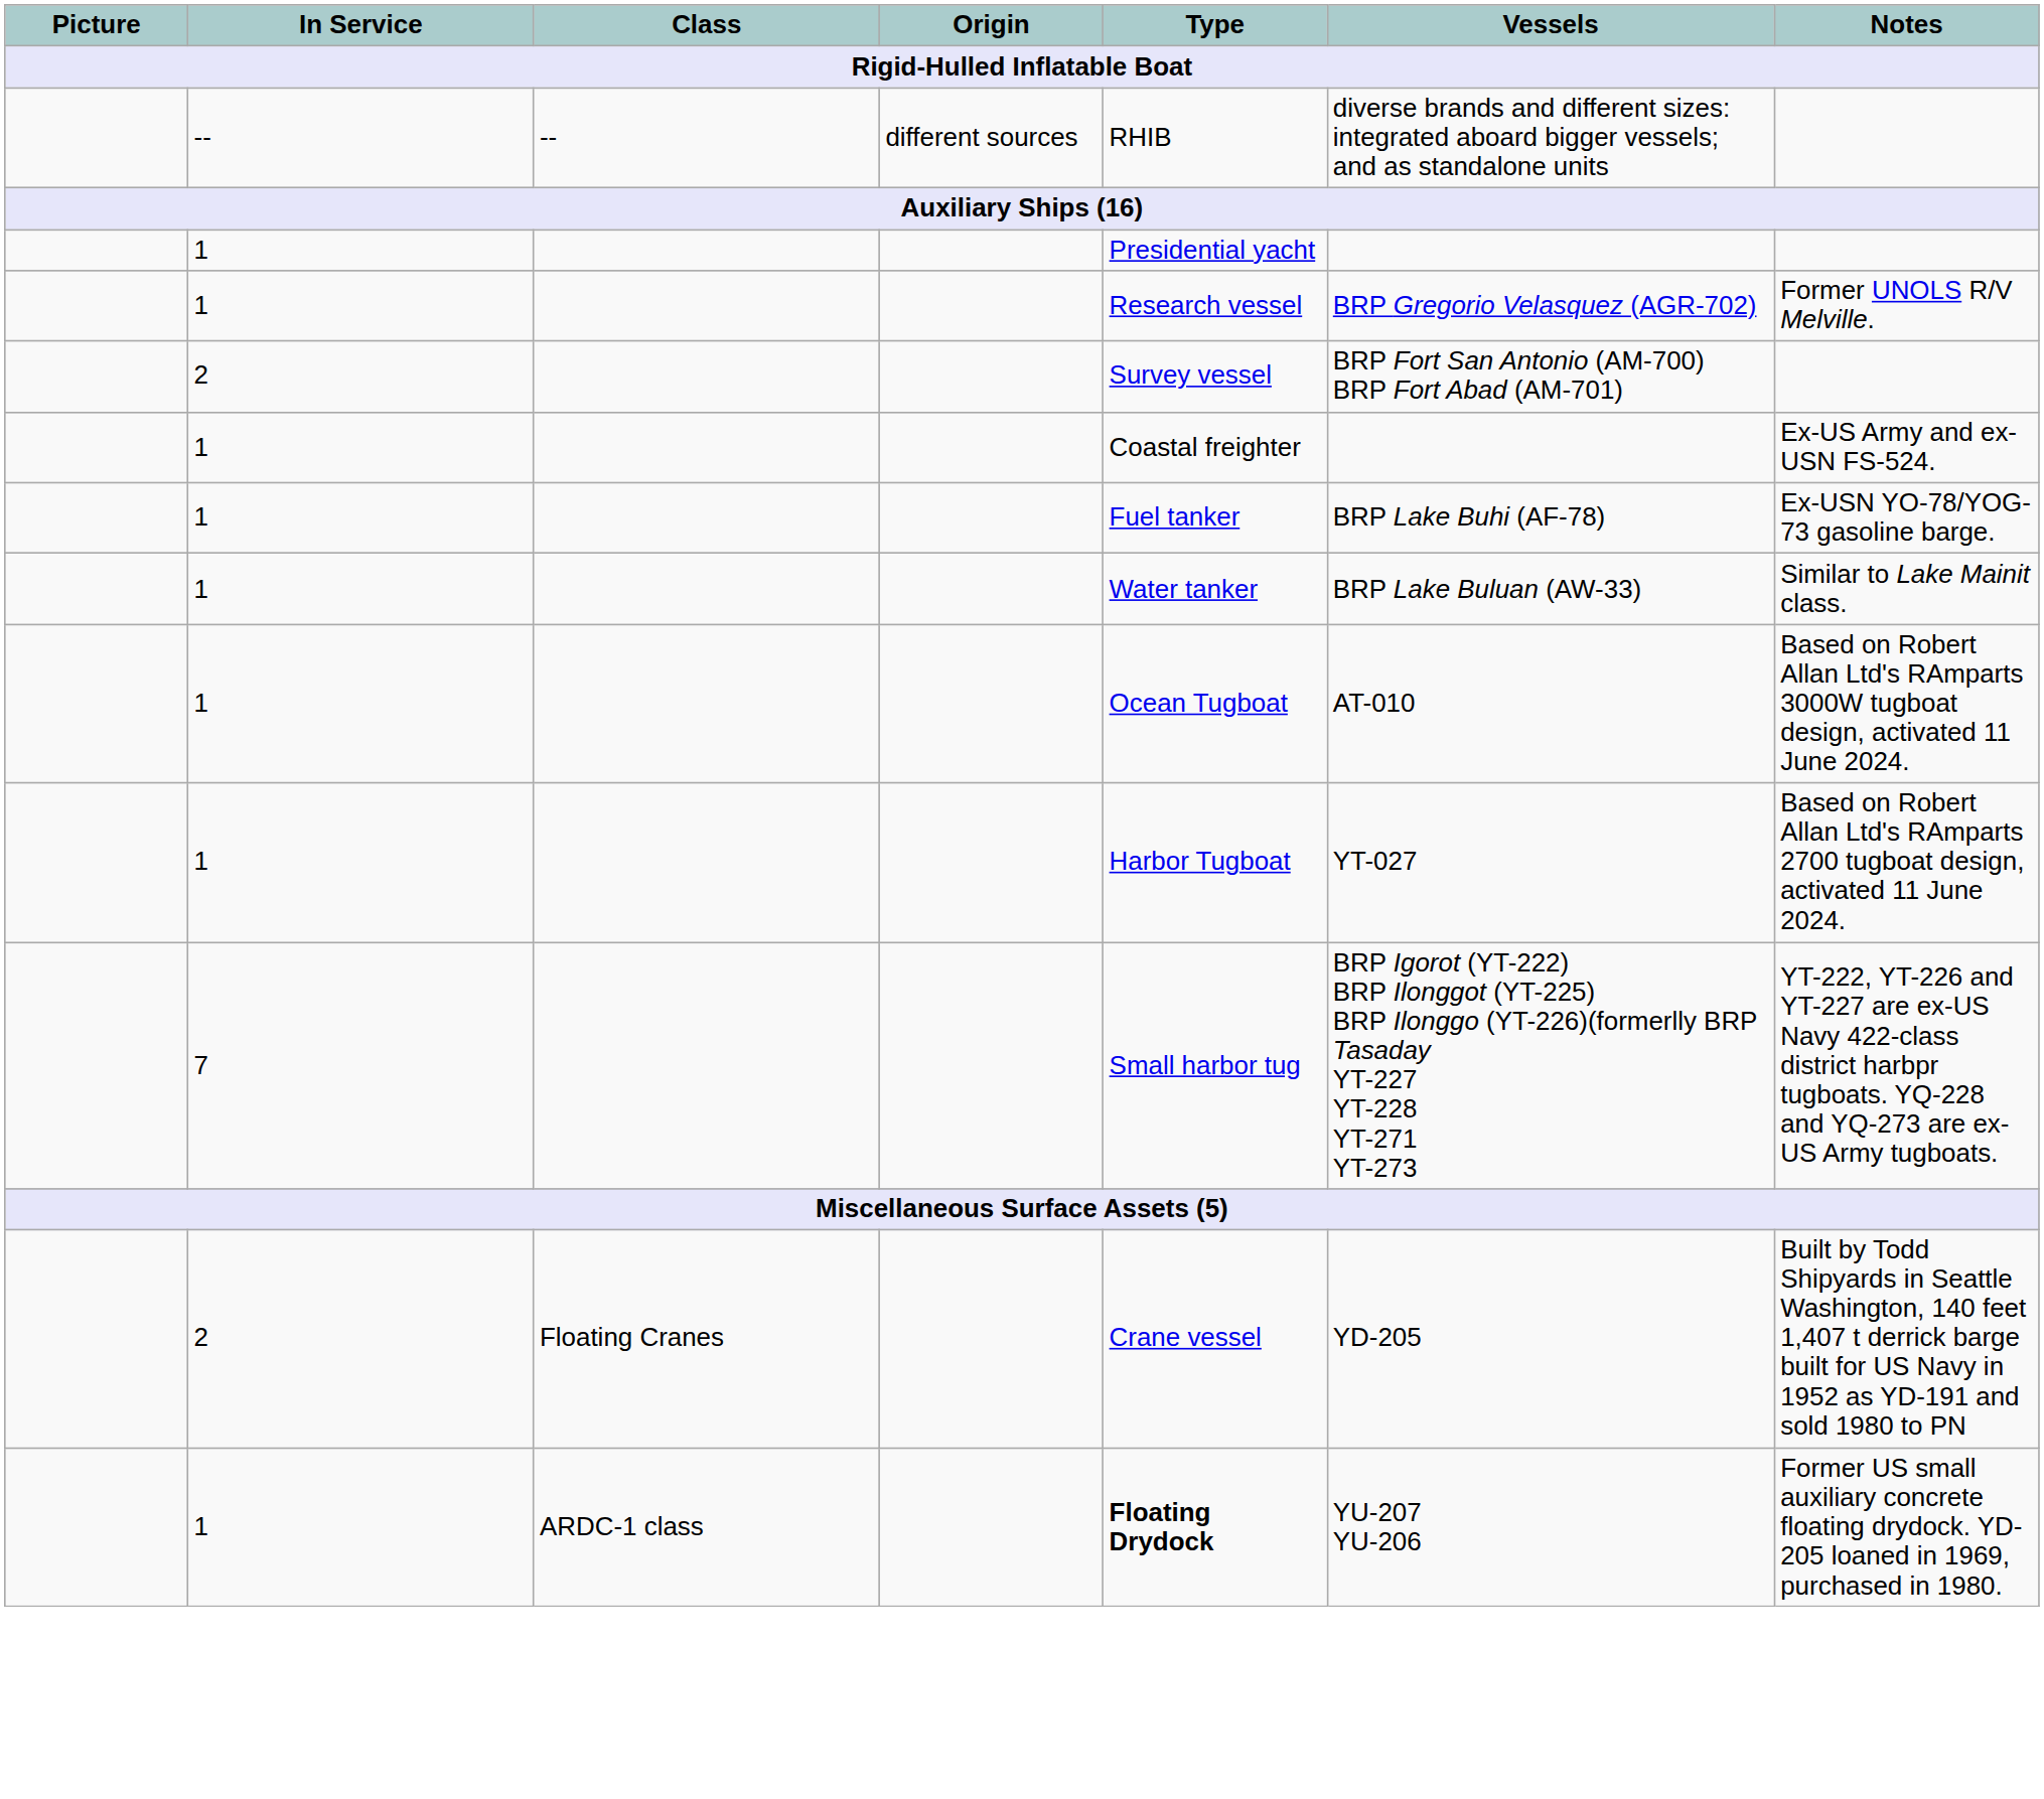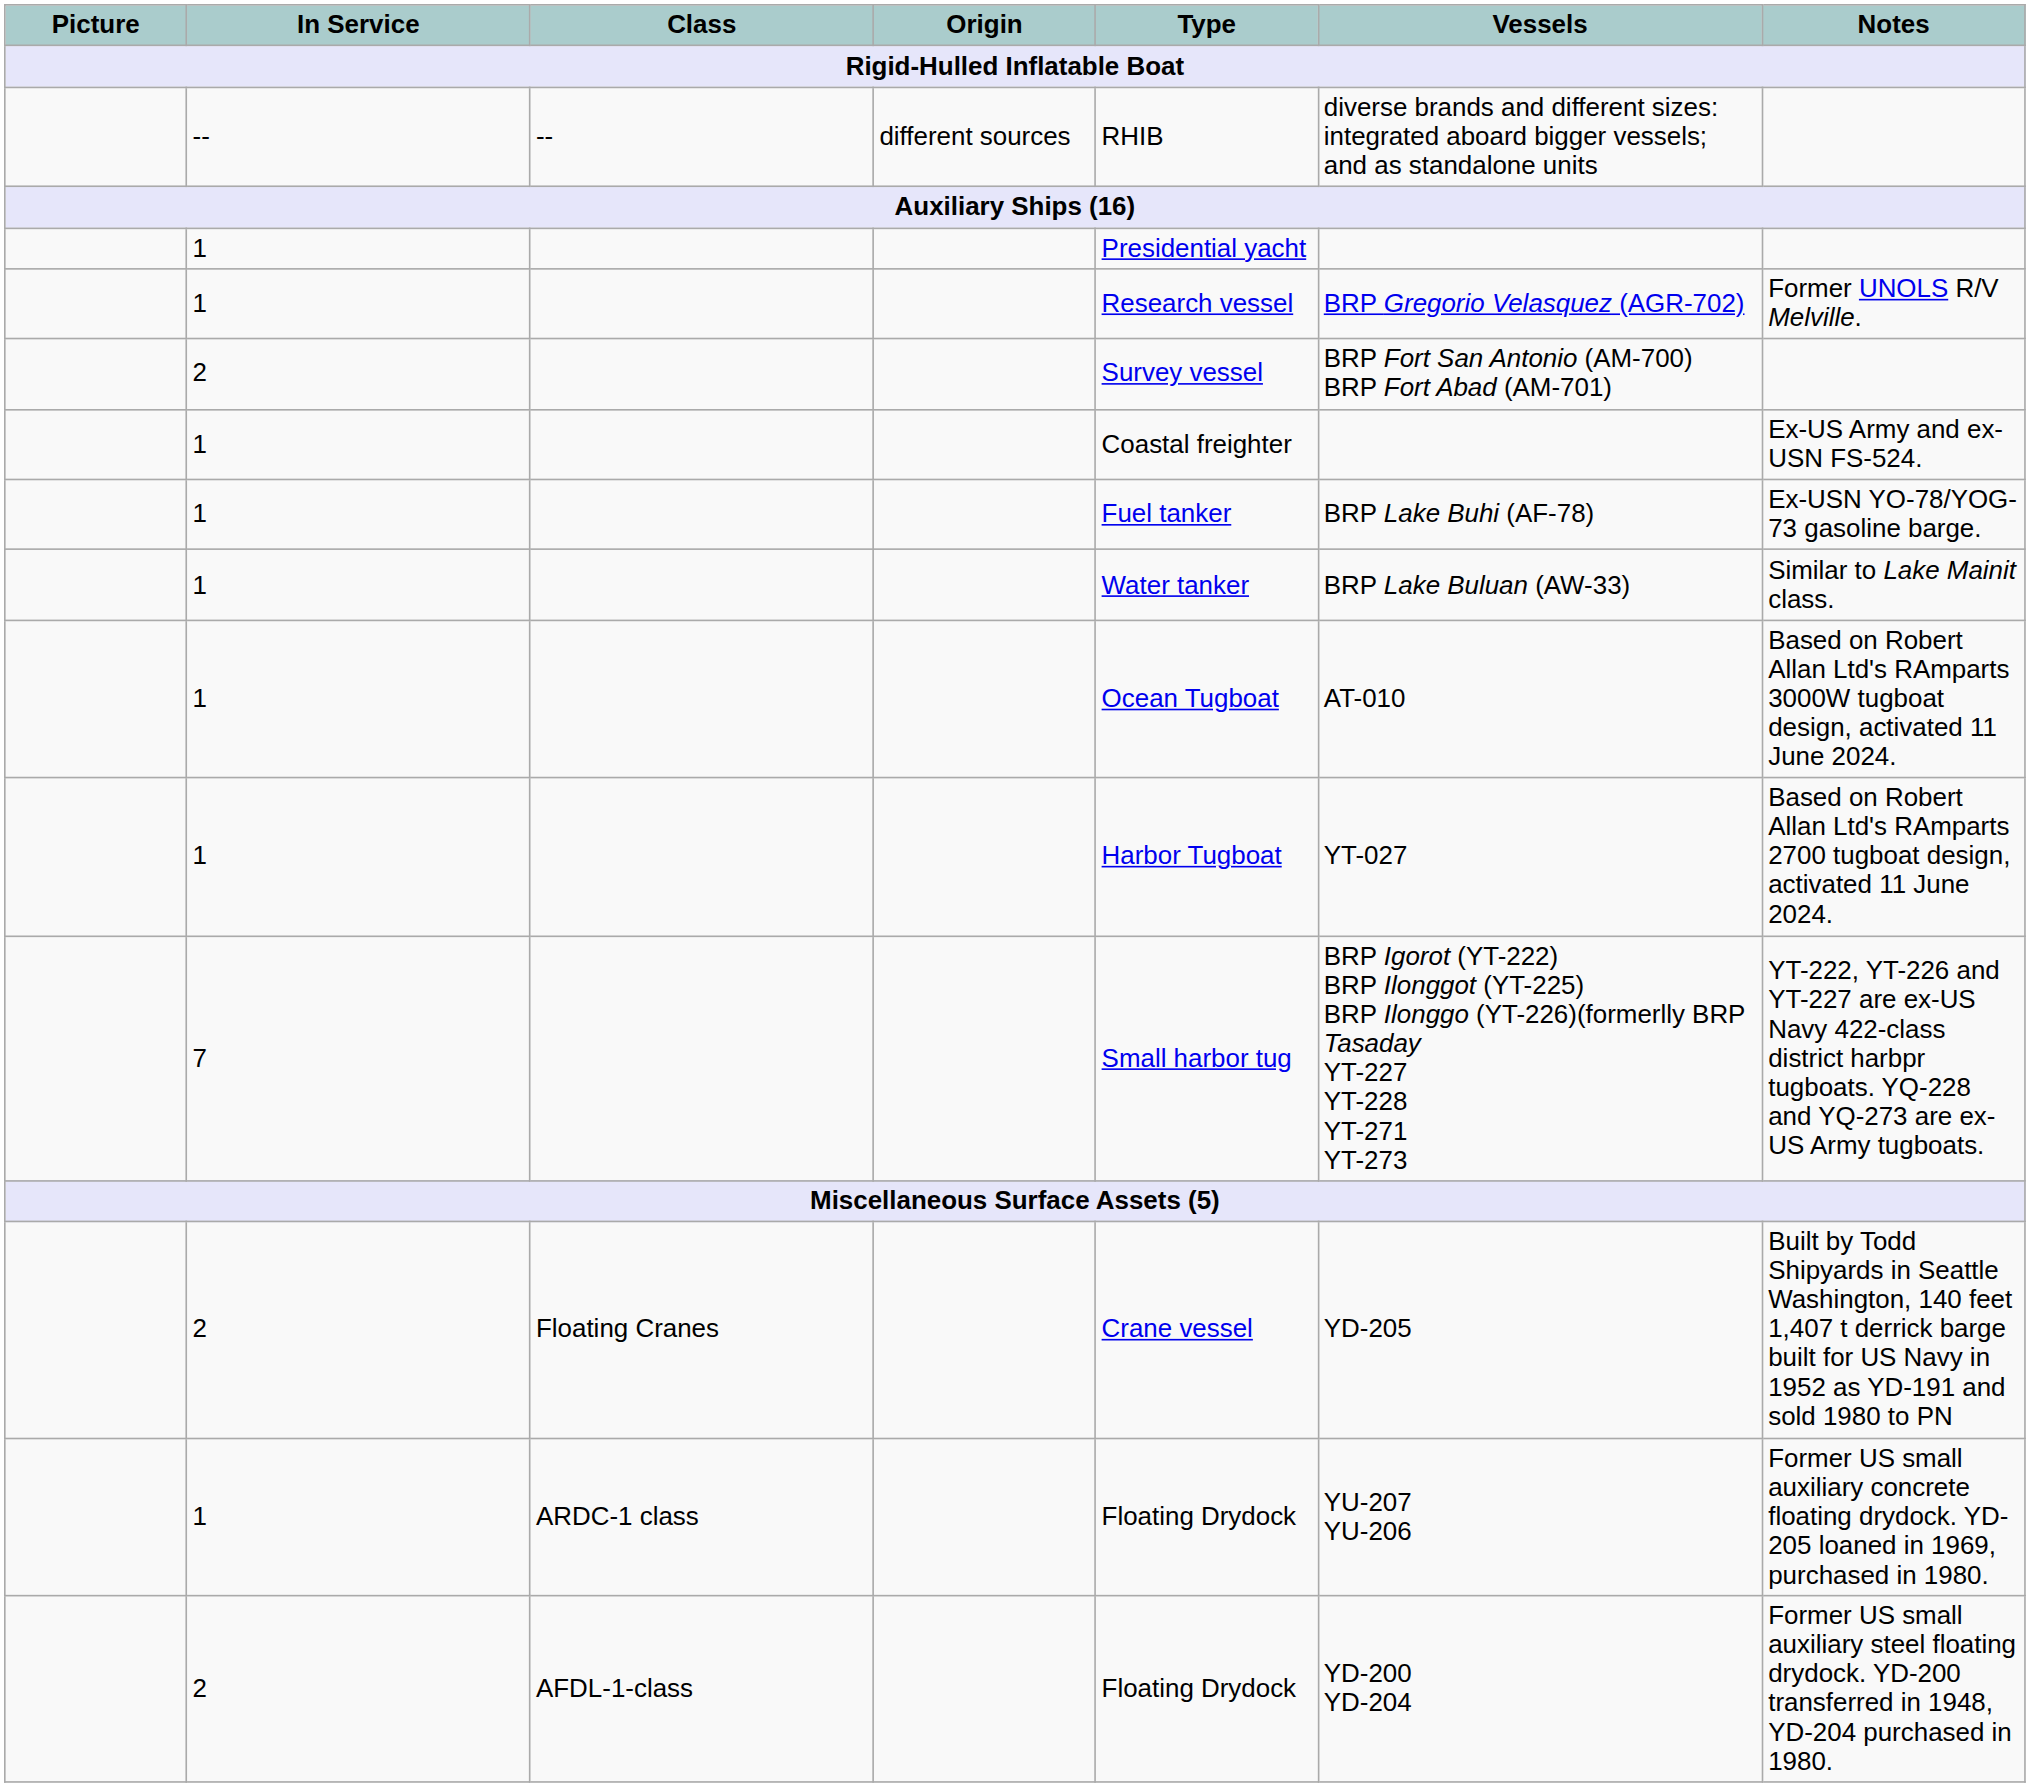 <table class="wikitable">
 <tr>
 <th style="text-align: center; background:#acc; width:9%;">Picture</th>
 <th style="text-align: center; background:#acc; width:17%;">In Service</th>
 <th style="text-align: center; background:#acc; width:17%;">Class</th>
 <th style="text-align: center; background:#acc; width:11%;">Origin</th>
 <th style="text-align: center; background:#acc; width:11%;">Type</th>
 <th style="text-align: center; background:#acc; width:22%;">Vessels</th>
 <th style="text-align: center; background:#acc; width:30%;">Notes</th>
 </tr>
 <tr>
 <th colspan="7" style="align: center; background: lavender;">Rigid-Hulled Inflatable Boat</th>
 </tr>
 <tr>
 <td></td>
 <td>--</td>
 <td>--</td>
 <td>different sources</td>
 <td>RHIB</td>
 <td>diverse brands and different sizes: integrated aboard bigger vessels; and as standalone units</td>
 <td></td>
 </tr>
 <tr>
 <th colspan="7" style="align: center; background: lavender;">Auxiliary Ships (16)</th>
 </tr>
 <tr>
 <td></td>
 <td>1</td>
 <td></td>
 <td></td>
 <td><a href='#'>Presidential yacht</a></td>
 <td></td>
 <td></td>
 </tr>
 <tr>
 <td></td>
 <td>1</td>
 <td></td>
 <td></td>
 <td><a href='#'>Research vessel</a></td>
 <td><a href='#'>BRP <em>Gregorio Velasquez</em> (AGR-702)</a></td>
 <td>Former <a href='#'>UNOLS</a> R/V <em>Melville</em>.</td>
 </tr>
 <tr>
 <td></td>
 <td>2</td>
 <td></td>
 <td></td>
 <td><a href='#'>Survey vessel</a></td>
 <td>BRP <em>Fort San Antonio</em> (AM-700)<br>BRP <em>Fort Abad</em> (AM-701)</td>
 <td></td>
 </tr>
 <tr>
 <td></td>
 <td>1</td>
 <td></td>
 <td></td>
 <td>Coastal freighter</td>
 <td></td>
 <td>Ex-US Army and ex-USN FS-524.</td>
 </tr>
 <tr>
 <td></td>
 <td>1</td>
 <td></td>
 <td></td>
 <td><a href='#'>Fuel tanker</a></td>
 <td>BRP <em>Lake Buhi</em> (AF-78)</td>
 <td>Ex-USN YO-78/YOG-73 gasoline barge.</td>
 </tr>
 <tr>
 <td></td>
 <td>1</td>
 <td></td>
 <td></td>
 <td><a href='#'>Water tanker</a></td>
 <td>BRP <em>Lake Buluan</em> (AW-33)</td>
 <td>Similar to <em>Lake Mainit</em> class.</td>
 </tr>
 <tr>
 <td></td>
 <td>1</td>
 <td></td>
 <td></td>
 <td><a href='#'>Ocean Tugboat</a></td>
 <td>AT-010</td>
 <td>Based on Robert Allan Ltd's RAmparts 3000W tugboat design, activated 11 June 2024.</td>
 </tr>
 <tr>
 <td></td>
 <td>1</td>
 <td></td>
 <td></td>
 <td><a href='#'>Harbor Tugboat</a></td>
 <td>YT-027</td>
 <td>Based on Robert Allan Ltd's RAmparts 2700 tugboat design, activated 11 June 2024.</td>
 </tr>
 <tr>
 <td></td>
 <td>7</td>
 <td></td>
 <td></td>
 <td><a href='#'>Small harbor tug</a></td>
 <td>BRP <em>Igorot</em> (YT-222)<br>BRP <em>Ilonggot</em> (YT-225)<br>BRP <em>Ilonggo</em> (YT-226)(formerlly BRP <em>Tasaday</em><br>YT-227<br>YT-228<br>YT-271<br>YT-273 <br></td>
 <td>YT-222, YT-226 and YT-227 are ex-US Navy 422-class district harbpr tugboats. YQ-228 and YQ-273 are ex-US Army tugboats.</td>
 </tr>
 <tr>
 <th colspan="7" style="align: center; background: lavender;">Miscellaneous Surface Assets (5)</th>
 </tr>
 <tr>
 <td></td>
 <td>2</td>
 <td>Floating Cranes</td>
 <td></td>
 <td><a href='#'>Crane vessel</a></td>
 <td>YD-205</td>
 <td>Built by Todd Shipyards in Seattle Washington, 140 feet 1,407 t derrick barge built for US Navy in 1952 as YD-191 and sold 1980 to PN</td>
 </tr>
 <tr>
 <td></td>
 <td>1</td>
 <td>ARDC-1 class</td>
 <td></td>
-<td><strong>Floating Drydock</strong></td>
+<td>Floating Drydock</td>
 <td>YU-207<br>YU-206</td>
 <td>Former US small auxiliary concrete floating drydock. YD-205 loaned in 1969, purchased in 1980.</td>
 </tr>
+<tr>
+<td></td>
+<td>2</td>
+<td>AFDL-1-class</td>
+<td></td>
+<td>Floating Drydock</td>
+<td>YD-200 <br>YD-204</td>
+<td>Former US small auxiliary steel floating drydock. YD-200 transferred in 1948, YD-204 purchased in 1980.</td>
+</tr>
 </table>
